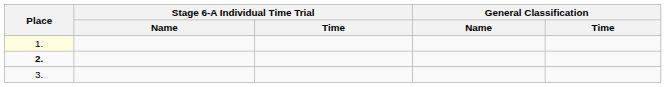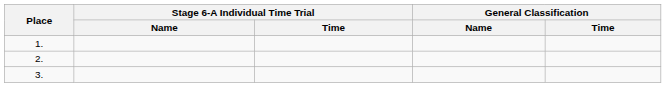 <table class=wikitable style="font-size:95%" width="80%">
 <tr>
 <th rowspan="2">Place</th>
 <th colspan="2">Stage 6-A Individual Time Trial</th>
 <th colspan="2">General Classification</th>
 </tr>
 <tr>
 <th>Name</th>
 <th>Time</th>
 <th>Name</th>
 <th>Time</th>
 </tr>
 <tr>
-<td align="center" style="background: lightyellow;">1.</td>
+<td align="center">1.</td>
 <td></td>
 <td></td>
 <td></td>
 <td></td>
 </tr>
 <tr>
-<td align="center"><strong>2.</strong></td>
+<td align="center">2.</td>
 <td></td>
 <td></td>
 <td></td>
 <td></td>
 </tr>
 <tr>
 <td align="center">3.</td>
 <td></td>
 <td></td>
 <td></td>
 <td></td>
 </tr>
 </table>
